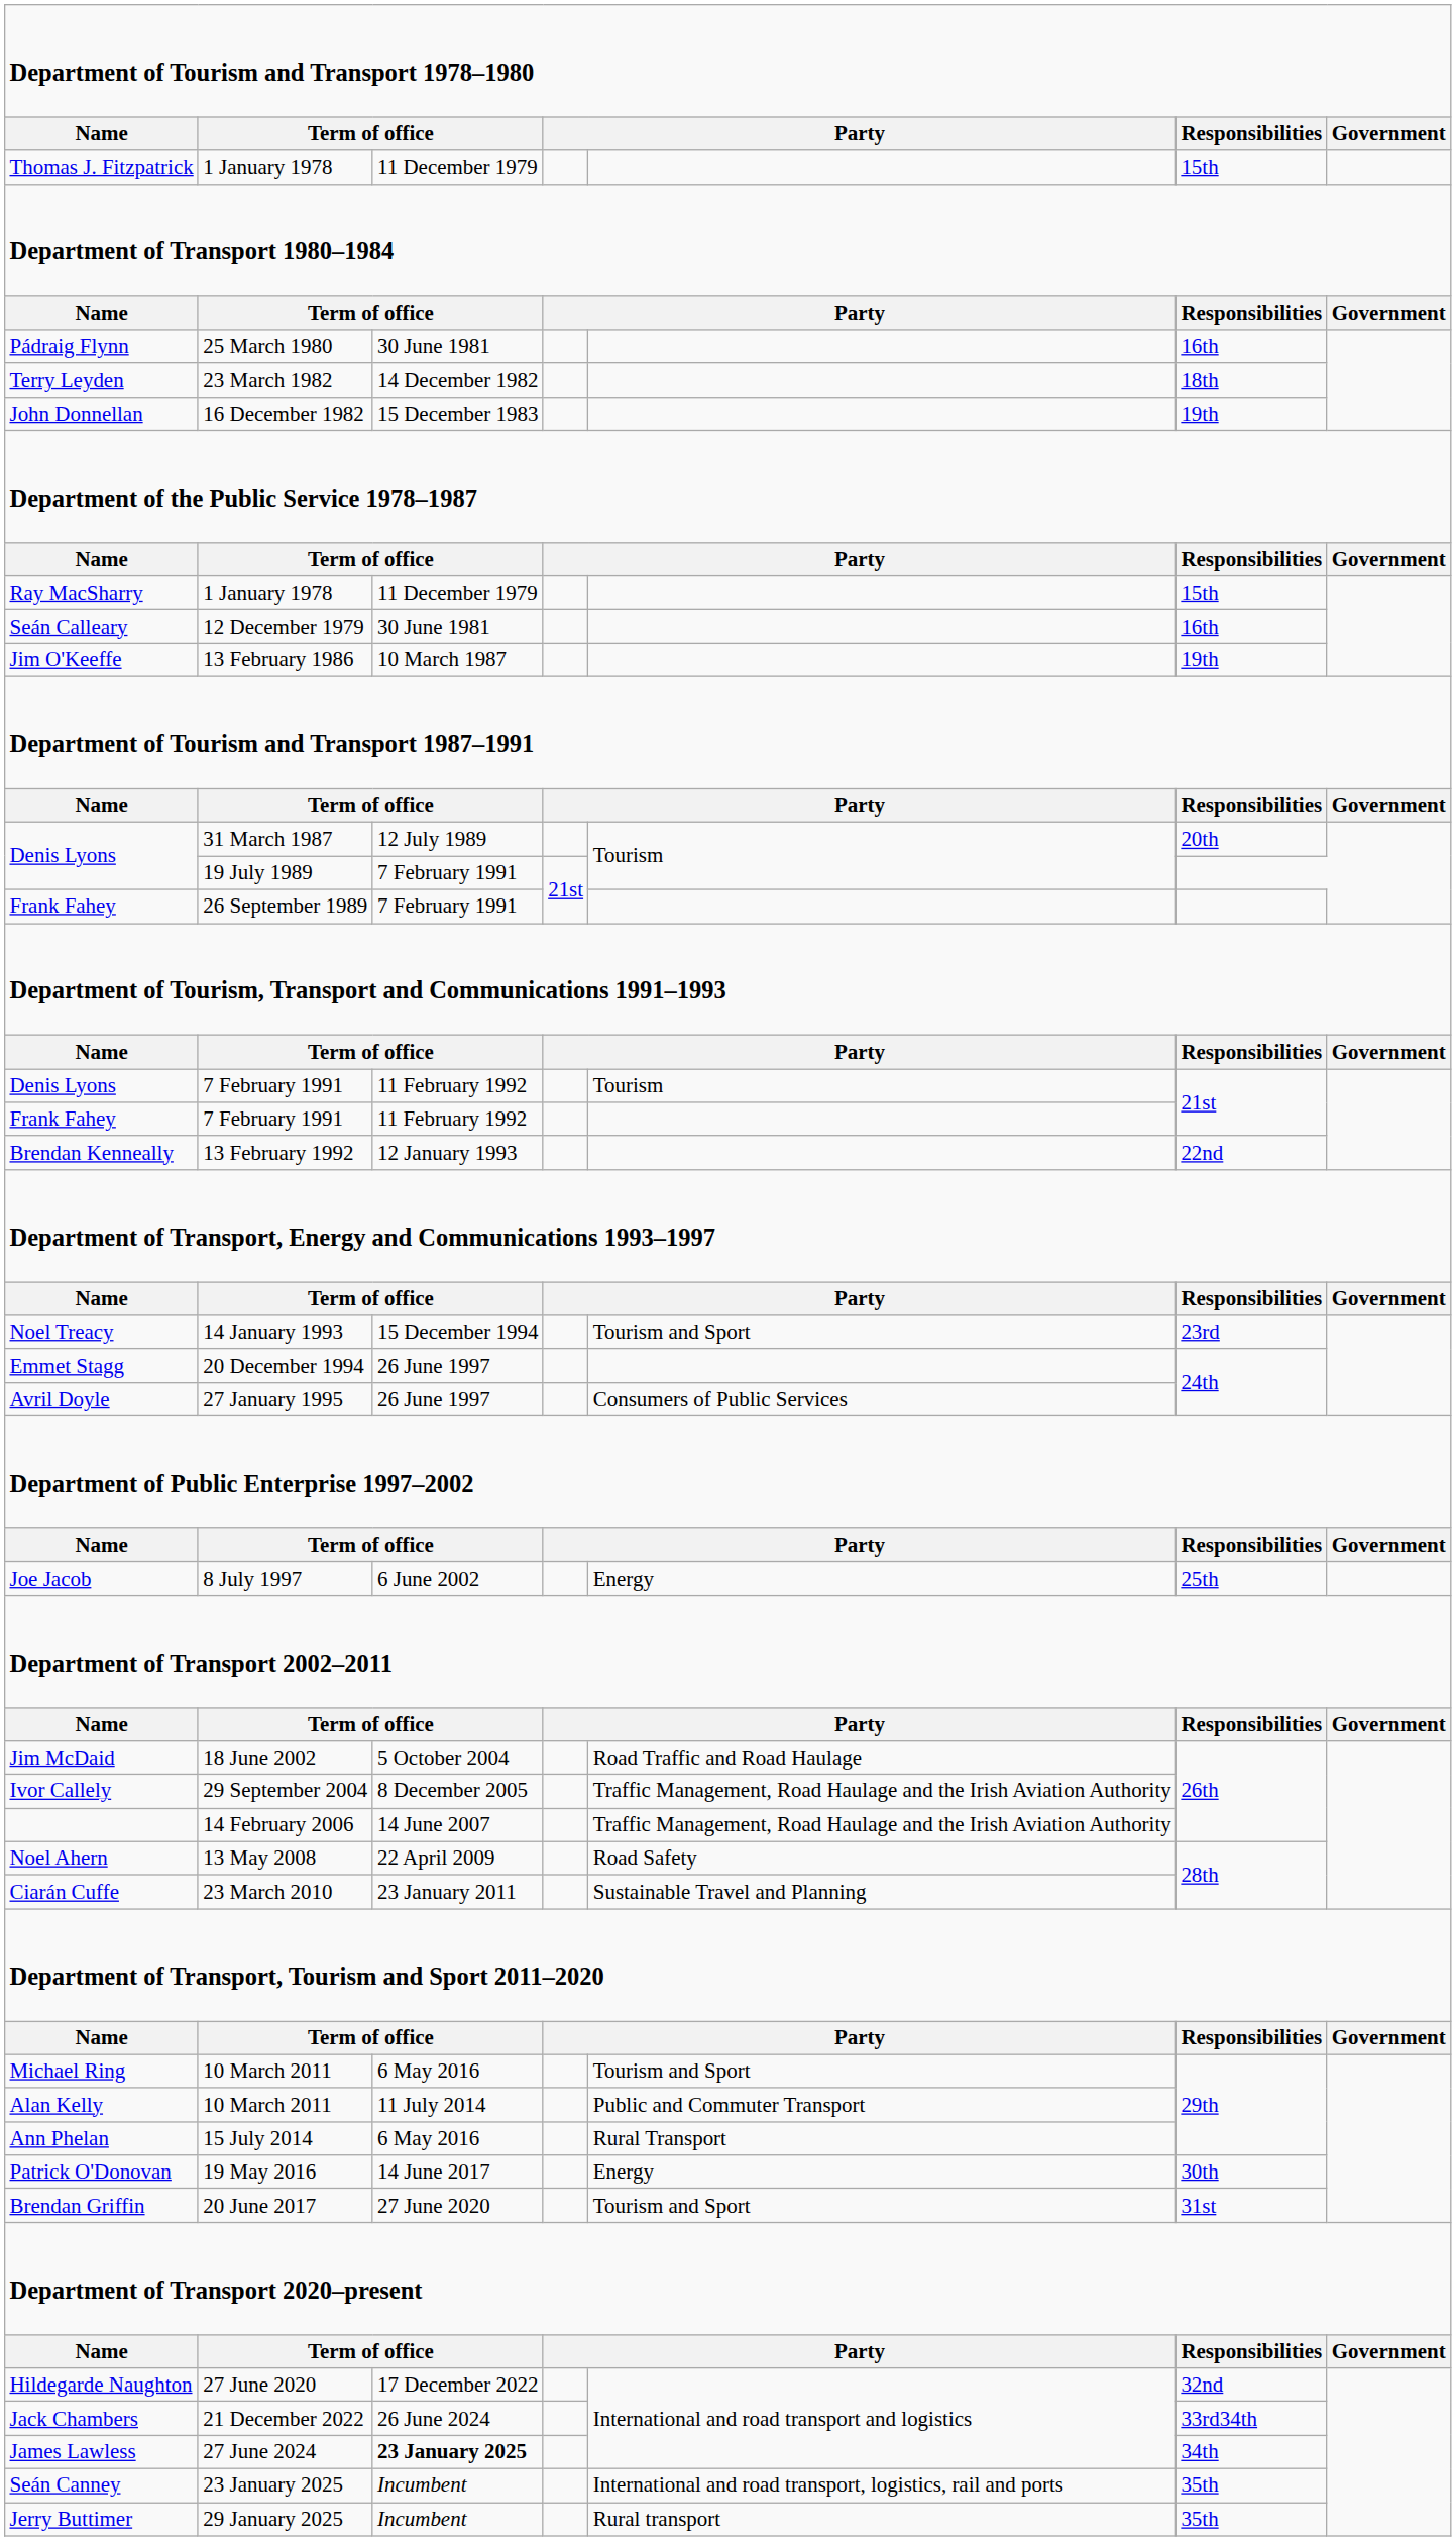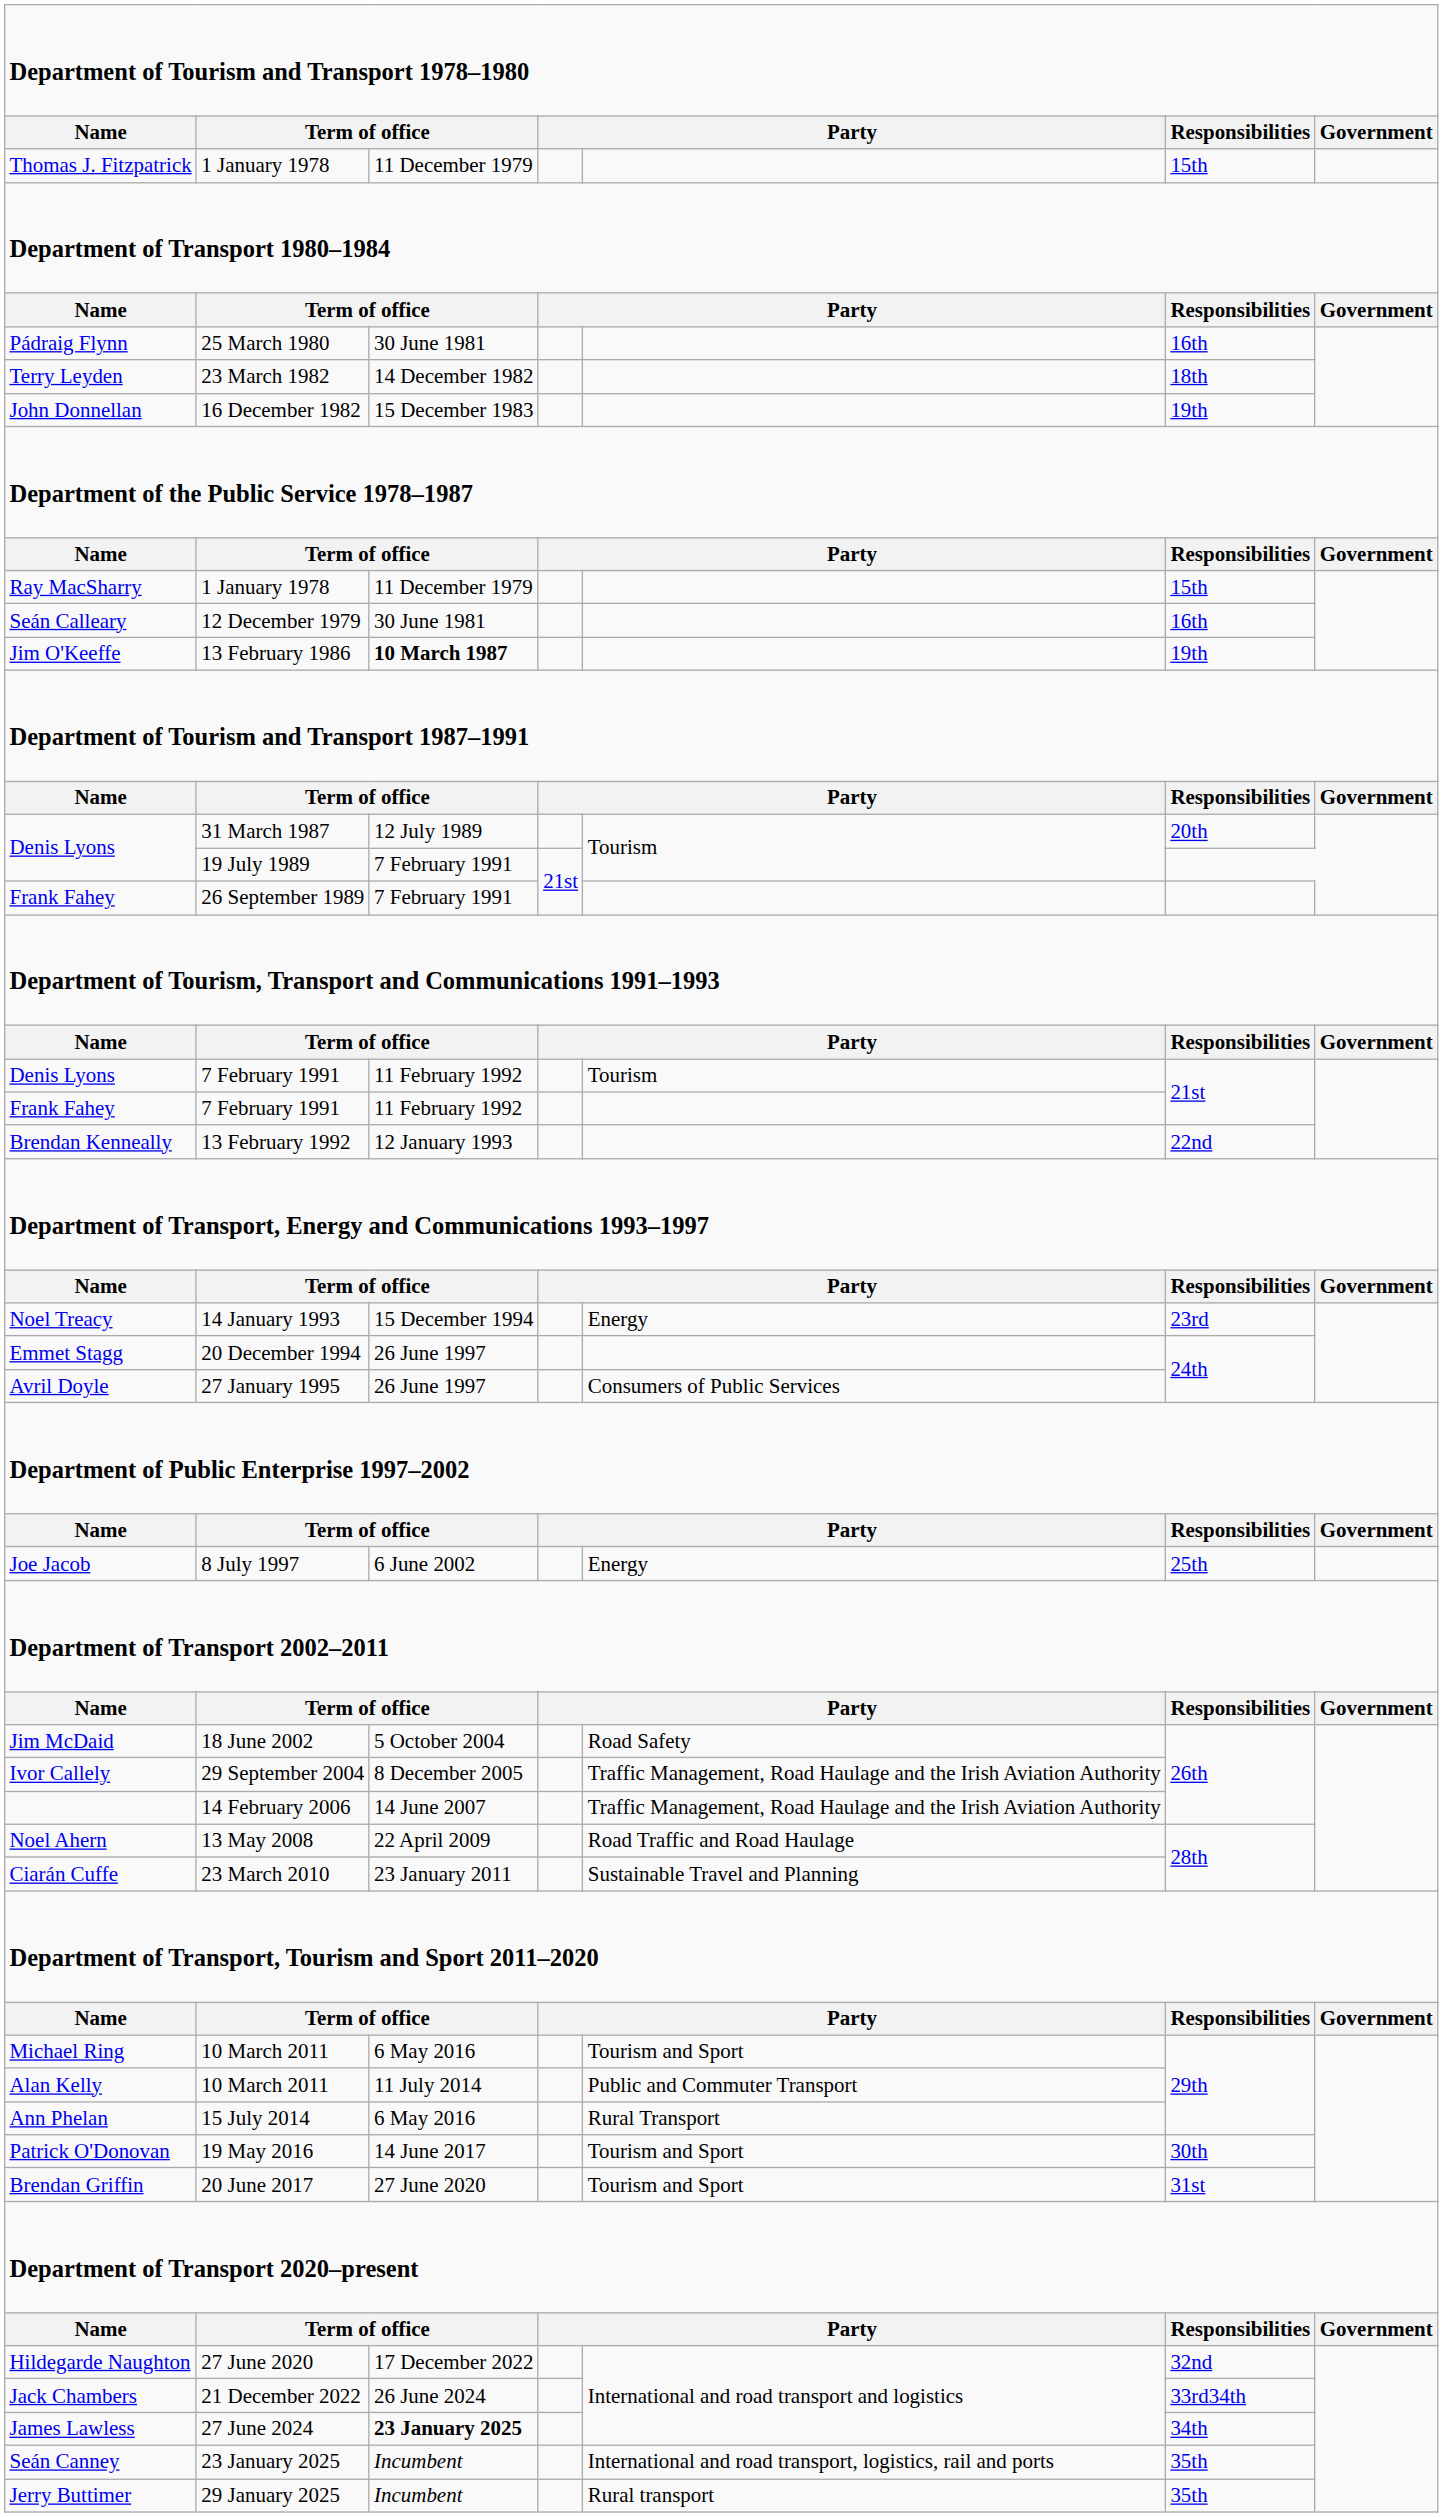 <table class="wikitable">
 <tr>
 <td colspan="7"><br><h3>Department of Tourism and Transport 1978–1980</h3></td>
 </tr>
 <tr>
 <th>Name</th>
 <th colspan=2>Term of office</th>
 <th colspan=2>Party</th>
 <th>Responsibilities</th>
 <th>Government</th>
 </tr>
 <tr>
 <td><a href='#'>Thomas J. Fitzpatrick</a></td>
 <td>1 January 1978</td>
 <td>11 December 1979</td>
 <td></td>
 <td></td>
 <td><a href='#'>15th</a></td>
 </tr>
 <tr>
 <td colspan="7"><br><h3>Department of Transport 1980–1984</h3></td>
 </tr>
 <tr>
 <th>Name</th>
 <th colspan=2>Term of office</th>
 <th colspan=2>Party</th>
 <th>Responsibilities</th>
 <th>Government</th>
 </tr>
 <tr>
 <td><a href='#'>Pádraig Flynn</a></td>
 <td>25 March 1980</td>
 <td>30 June 1981</td>
 <td></td>
 <td></td>
 <td><a href='#'>16th</a></td>
 </tr>
 <tr>
 <td><a href='#'>Terry Leyden</a></td>
 <td>23 March 1982</td>
 <td>14 December 1982</td>
 <td></td>
 <td></td>
 <td><a href='#'>18th</a></td>
 </tr>
 <tr>
 <td><a href='#'>John Donnellan</a></td>
 <td>16 December 1982</td>
 <td>15 December 1983</td>
 <td></td>
 <td></td>
 <td><a href='#'>19th</a></td>
 </tr>
 <tr>
 <td colspan="7"><br><h3>Department of the Public Service 1978–1987</h3></td>
 </tr>
 <tr>
 <th>Name</th>
 <th colspan=2>Term of office</th>
 <th colspan=2>Party</th>
 <th>Responsibilities</th>
 <th>Government</th>
 </tr>
 <tr>
 <td><a href='#'>Ray MacSharry</a></td>
 <td>1 January 1978</td>
 <td>11 December 1979</td>
 <td></td>
 <td></td>
 <td><a href='#'>15th</a></td>
 </tr>
 <tr>
 <td><a href='#'>Seán Calleary</a></td>
 <td>12 December 1979</td>
 <td>30 June 1981</td>
 <td></td>
 <td></td>
 <td><a href='#'>16th</a></td>
 </tr>
 <tr>
 <td><a href='#'>Jim O'Keeffe</a></td>
 <td>13 February 1986</td>
-<td>10 March 1987</td>
+<td><strong>10 March 1987</strong></td>
 <td></td>
 <td></td>
 <td><a href='#'>19th</a></td>
 </tr>
 <tr>
 <td colspan="7"><br><h3>Department of Tourism and Transport 1987–1991</h3></td>
 </tr>
 <tr>
 <th>Name</th>
 <th colspan=2>Term of office</th>
 <th colspan=2>Party</th>
 <th>Responsibilities</th>
 <th>Government</th>
 </tr>
 <tr>
 <td rowspan=2><a href='#'>Denis Lyons</a></td>
 <td>31 March 1987</td>
 <td>12 July 1989</td>
 <td></td>
 <td rowspan=2>Tourism</td>
 <td><a href='#'>20th</a></td>
 </tr>
 <tr>
 <td>19 July 1989</td>
 <td>7 February 1991</td>
 <td rowspan=2><a href='#'>21st</a></td>
 </tr>
 <tr>
 <td><a href='#'>Frank Fahey</a></td>
 <td>26 September 1989</td>
 <td>7 February 1991</td>
 <td></td>
 <td></td>
 </tr>
 <tr>
 <td colspan="7"><br><h3>Department of Tourism, Transport and Communications 1991–1993</h3></td>
 </tr>
 <tr>
 <th>Name</th>
 <th colspan=2>Term of office</th>
 <th colspan=2>Party</th>
 <th>Responsibilities</th>
 <th>Government</th>
 </tr>
 <tr>
 <td><a href='#'>Denis Lyons</a></td>
 <td>7 February 1991</td>
 <td>11 February 1992</td>
 <td></td>
 <td>Tourism</td>
 <td rowspan=2><a href='#'>21st</a></td>
 </tr>
 <tr>
 <td><a href='#'>Frank Fahey</a></td>
 <td>7 February 1991</td>
 <td>11 February 1992</td>
 <td></td>
 </tr>
 <tr>
 <td><a href='#'>Brendan Kenneally</a></td>
 <td>13 February 1992</td>
 <td>12 January 1993</td>
 <td></td>
 <td></td>
 <td><a href='#'>22nd</a></td>
 </tr>
 <tr>
 <td colspan="7"><br><h3>Department of Transport, Energy and Communications 1993–1997</h3></td>
 </tr>
 <tr>
 <th>Name</th>
 <th colspan=2>Term of office</th>
 <th colspan=2>Party</th>
 <th>Responsibilities</th>
 <th>Government</th>
 </tr>
 <tr>
 <td><a href='#'>Noel Treacy</a></td>
 <td>14 January 1993</td>
 <td>15 December 1994</td>
 <td></td>
-<td>Tourism and Sport</td>
+<td>Energy</td>
 <td><a href='#'>23rd</a></td>
 </tr>
 <tr>
 <td><a href='#'>Emmet Stagg</a></td>
 <td>20 December 1994</td>
 <td>26 June 1997</td>
 <td></td>
 <td></td>
 <td rowspan=2><a href='#'>24th</a></td>
 </tr>
 <tr>
 <td><a href='#'>Avril Doyle</a></td>
 <td>27 January 1995</td>
 <td>26 June 1997</td>
 <td></td>
 <td>Consumers of Public Services</td>
 </tr>
 <tr>
 <td colspan="7"><br><h3>Department of Public Enterprise 1997–2002</h3></td>
 </tr>
 <tr>
 <th>Name</th>
 <th colspan=2>Term of office</th>
 <th colspan=2>Party</th>
 <th>Responsibilities</th>
 <th>Government</th>
 </tr>
 <tr>
 <td><a href='#'>Joe Jacob</a></td>
 <td>8 July 1997</td>
 <td>6 June 2002</td>
 <td></td>
 <td>Energy</td>
 <td><a href='#'>25th</a></td>
 </tr>
 <tr>
 <td colspan="7"><br><h3>Department of Transport 2002–2011</h3></td>
 </tr>
 <tr>
 <th>Name</th>
 <th colspan=2>Term of office</th>
 <th colspan=2>Party</th>
 <th>Responsibilities</th>
 <th>Government</th>
 </tr>
 <tr>
 <td><a href='#'>Jim McDaid</a></td>
 <td>18 June 2002</td>
 <td>5 October 2004</td>
 <td></td>
-<td>Road Traffic and Road Haulage</td>
+<td>Road Safety</td>
 <td rowspan=3><a href='#'>26th</a></td>
 </tr>
 <tr>
 <td><a href='#'>Ivor Callely</a></td>
 <td>29 September 2004</td>
 <td>8 December 2005</td>
 <td></td>
 <td>Traffic Management, Road Haulage and the Irish Aviation Authority</td>
 </tr>
 <tr>
 <td></td>
 <td>14 February 2006</td>
 <td>14 June 2007</td>
 <td></td>
 <td>Traffic Management, Road Haulage and the Irish Aviation Authority</td>
 </tr>
 <tr>
 <td><a href='#'>Noel Ahern</a></td>
 <td>13 May 2008</td>
 <td>22 April 2009</td>
 <td></td>
-<td>Road Safety</td>
+<td>Road Traffic and Road Haulage</td>
 <td rowspan=2><a href='#'>28th</a></td>
 </tr>
 <tr>
 <td><a href='#'>Ciarán Cuffe</a></td>
 <td>23 March 2010</td>
 <td>23 January 2011</td>
 <td></td>
 <td>Sustainable Travel and Planning</td>
 </tr>
 <tr>
 <td colspan="7"><br><h3>Department of Transport, Tourism and Sport 2011–2020</h3></td>
 </tr>
 <tr>
 <th>Name</th>
 <th colspan=2>Term of office</th>
 <th colspan=2>Party</th>
 <th>Responsibilities</th>
 <th>Government</th>
 </tr>
 <tr>
 <td><a href='#'>Michael Ring</a></td>
 <td>10 March 2011</td>
 <td>6 May 2016</td>
 <td></td>
 <td>Tourism and Sport</td>
 <td rowspan=3><a href='#'>29th</a></td>
 </tr>
 <tr>
 <td><a href='#'>Alan Kelly</a></td>
 <td>10 March 2011</td>
 <td>11 July 2014</td>
 <td></td>
 <td>Public and Commuter Transport</td>
 </tr>
 <tr>
 <td><a href='#'>Ann Phelan</a></td>
 <td>15 July 2014</td>
 <td>6 May 2016</td>
 <td></td>
 <td>Rural Transport</td>
 </tr>
 <tr>
 <td><a href='#'>Patrick O'Donovan</a></td>
 <td>19 May 2016</td>
 <td>14 June 2017</td>
 <td></td>
-<td>Energy</td>
+<td>Tourism and Sport</td>
 <td><a href='#'>30th</a></td>
 </tr>
 <tr>
 <td><a href='#'>Brendan Griffin</a></td>
 <td>20 June 2017</td>
 <td>27 June 2020</td>
 <td></td>
 <td>Tourism and Sport</td>
 <td><a href='#'>31st</a></td>
 </tr>
 <tr>
 <td colspan="7"><br><h3>Department of Transport 2020–present</h3></td>
 </tr>
 <tr>
 <th>Name</th>
 <th colspan=2>Term of office</th>
 <th colspan=2>Party</th>
 <th>Responsibilities</th>
 <th>Government</th>
 </tr>
 <tr>
 <td><a href='#'>Hildegarde Naughton</a></td>
 <td>27 June 2020</td>
 <td>17 December 2022</td>
 <td></td>
 <td rowspan=3>International and road transport and logistics</td>
 <td><a href='#'>32nd</a></td>
 </tr>
 <tr>
 <td><a href='#'>Jack Chambers</a></td>
 <td>21 December 2022</td>
 <td>26 June 2024</td>
 <td></td>
 <td><a href='#'>33rd</a><a href='#'>34th</a></td>
 </tr>
 <tr>
 <td><a href='#'>James Lawless</a></td>
 <td>27 June 2024</td>
 <td><strong>23 January 2025</strong></td>
 <td></td>
 <td><a href='#'>34th</a></td>
 </tr>
 <tr>
 <td><a href='#'>Seán Canney</a></td>
 <td>23 January 2025</td>
 <td><em>Incumbent</em></td>
 <td></td>
 <td>International and road transport, logistics, rail and ports</td>
 <td><a href='#'>35th</a></td>
 </tr>
 <tr>
 <td><a href='#'>Jerry Buttimer</a></td>
 <td>29 January 2025</td>
 <td><em>Incumbent</em></td>
 <td></td>
 <td>Rural transport</td>
 <td><a href='#'>35th</a></td>
 </tr>
 </table>
